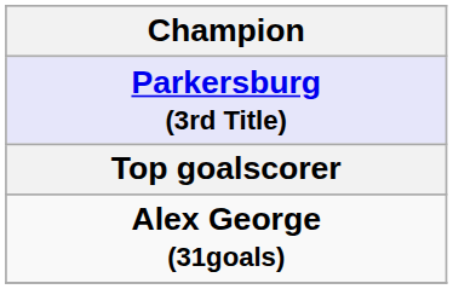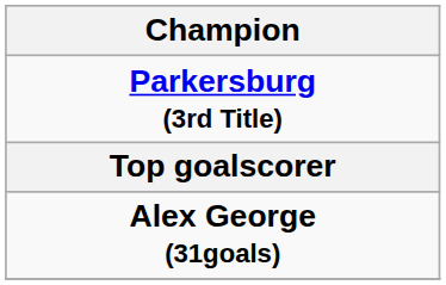 <table class="wikitable" style="margin: 0 auto; width: 220px;">
 <tr>
 <th>Champion</th>
 </tr>
 <tr>
-<td align="center" style="background: lavender;"><strong><a href='#'>Parkersburg</a></strong><br><small><strong>(3rd Title)</strong></small></td>
+<td align="center"><strong><a href='#'>Parkersburg</a></strong><br><small><strong>(3rd Title)</strong></small></td>
 </tr>
 <tr>
 <th>Top goalscorer</th>
 </tr>
 <tr>
 <td align="center"><strong> Alex George</strong><br><small><strong>(31goals)</strong></small></td>
 </tr>
 <tr>
 </tr>
 </table>
